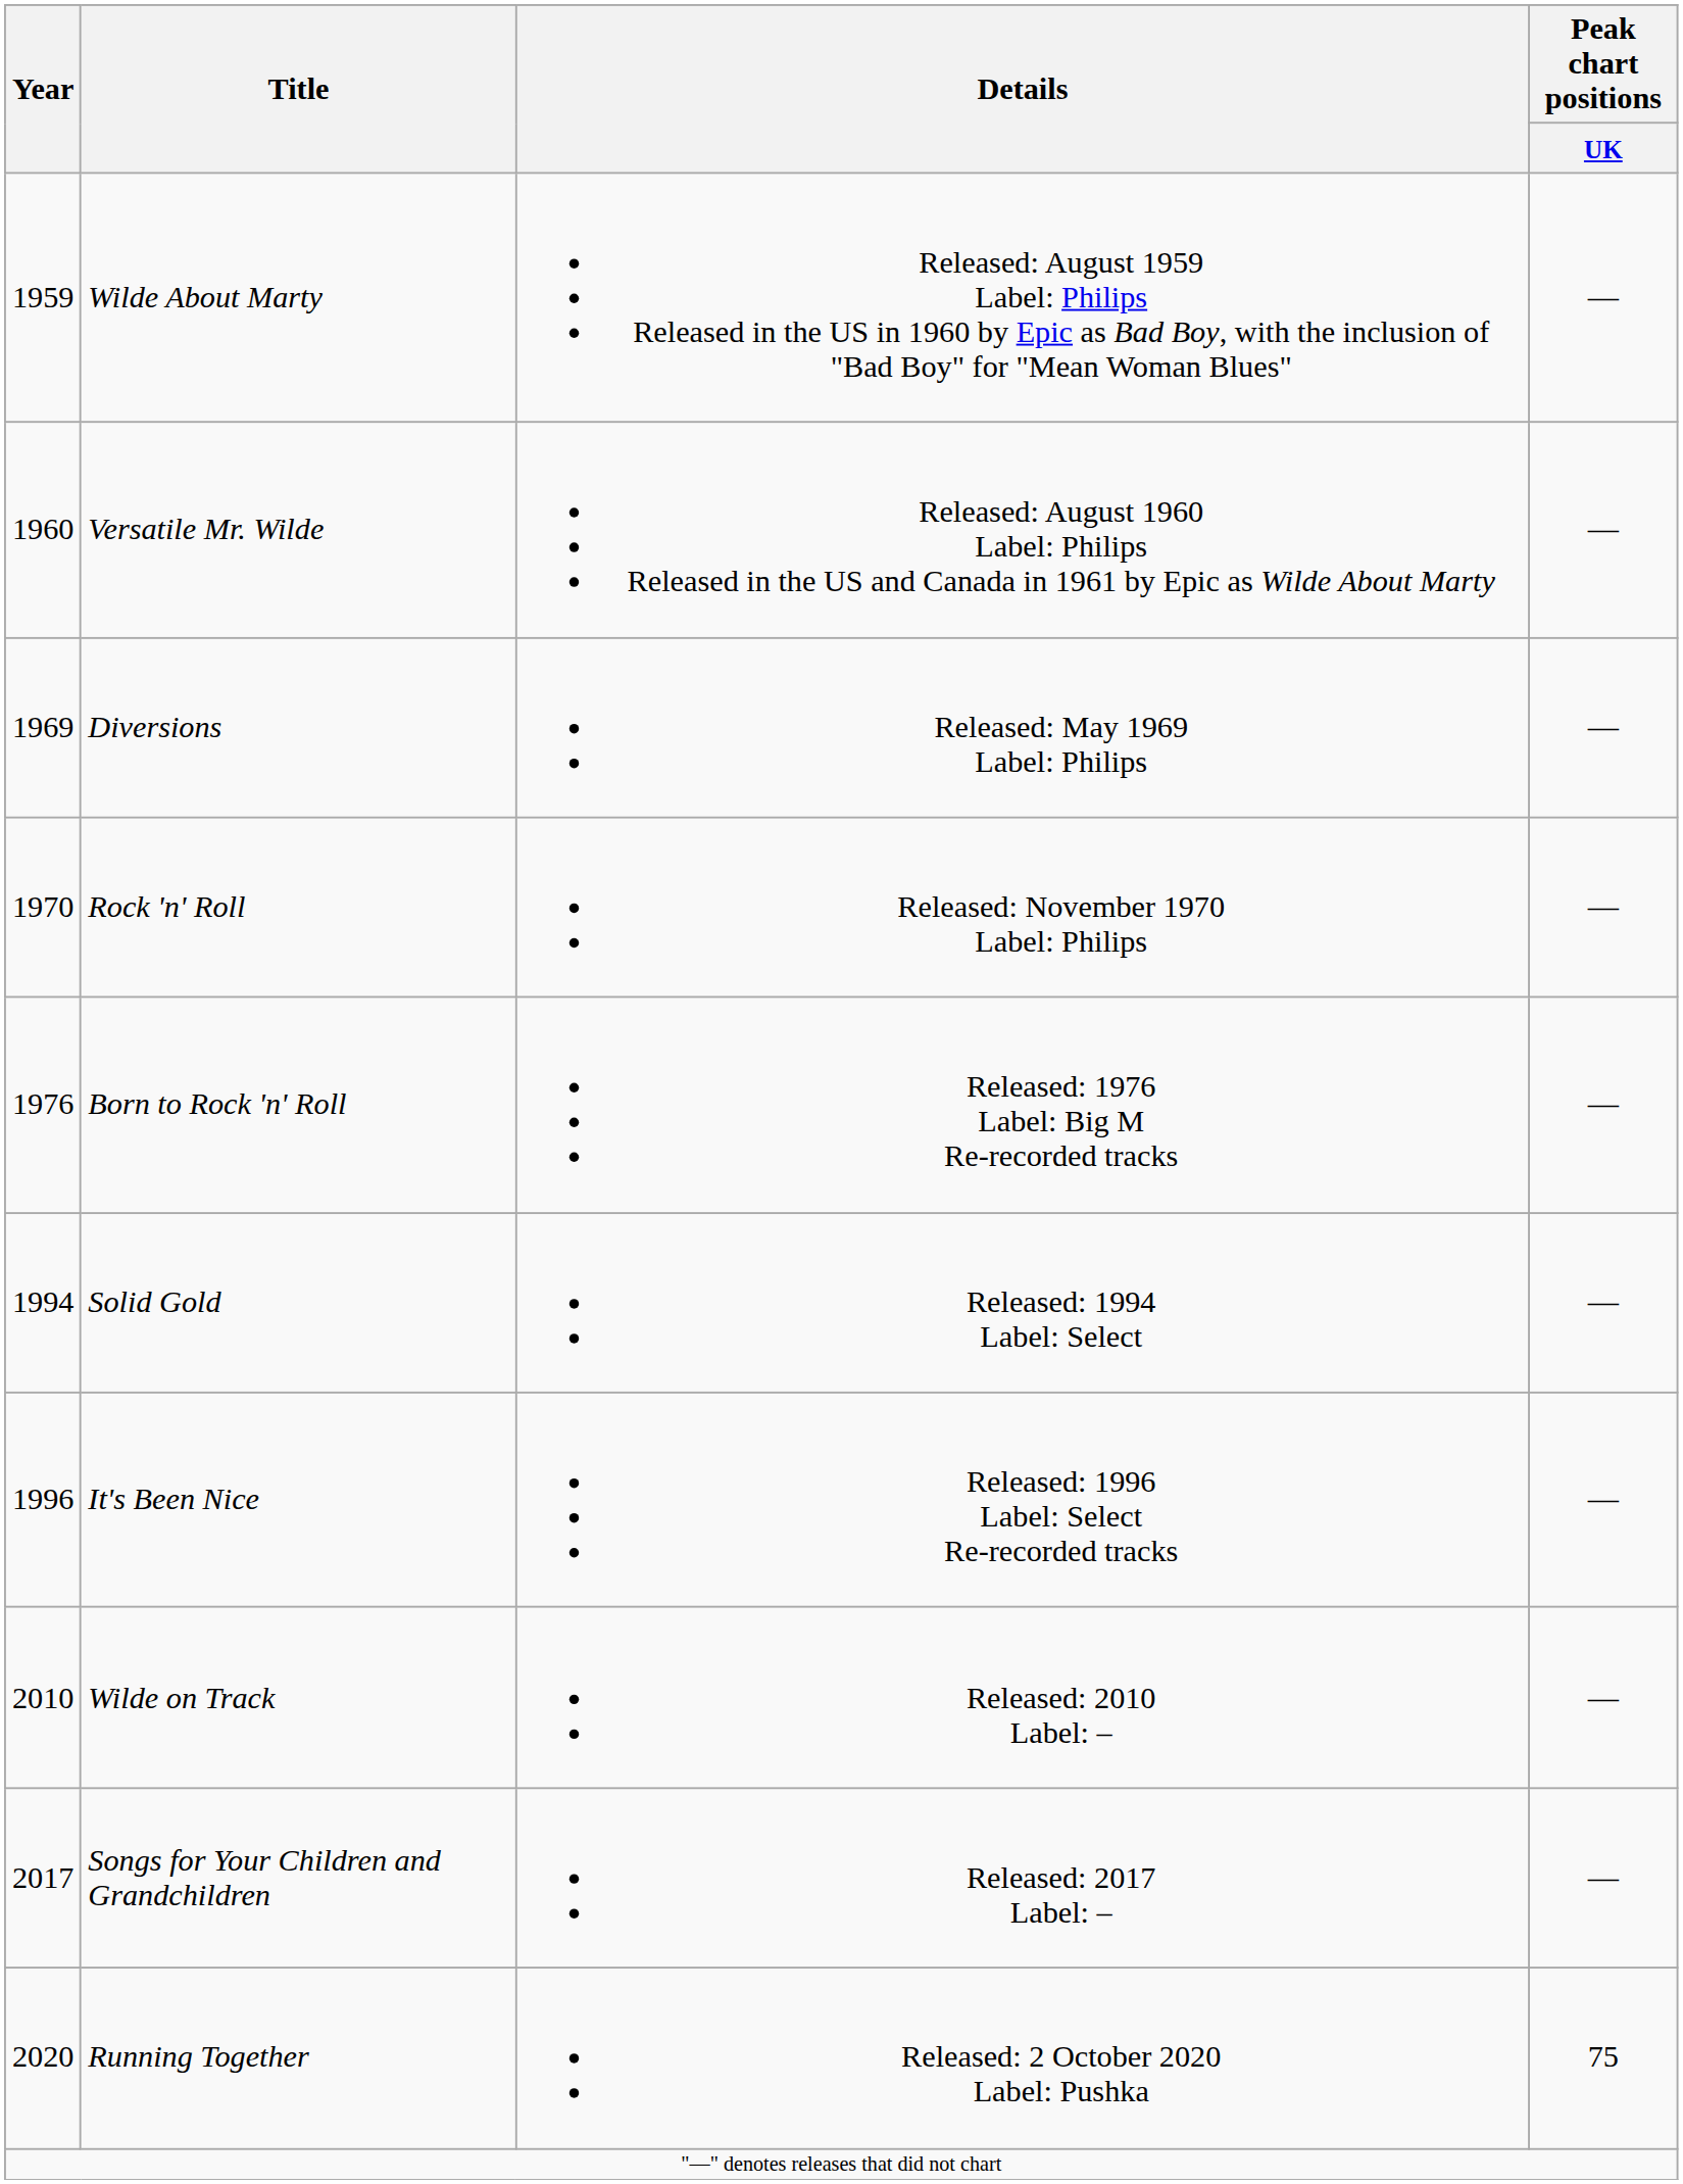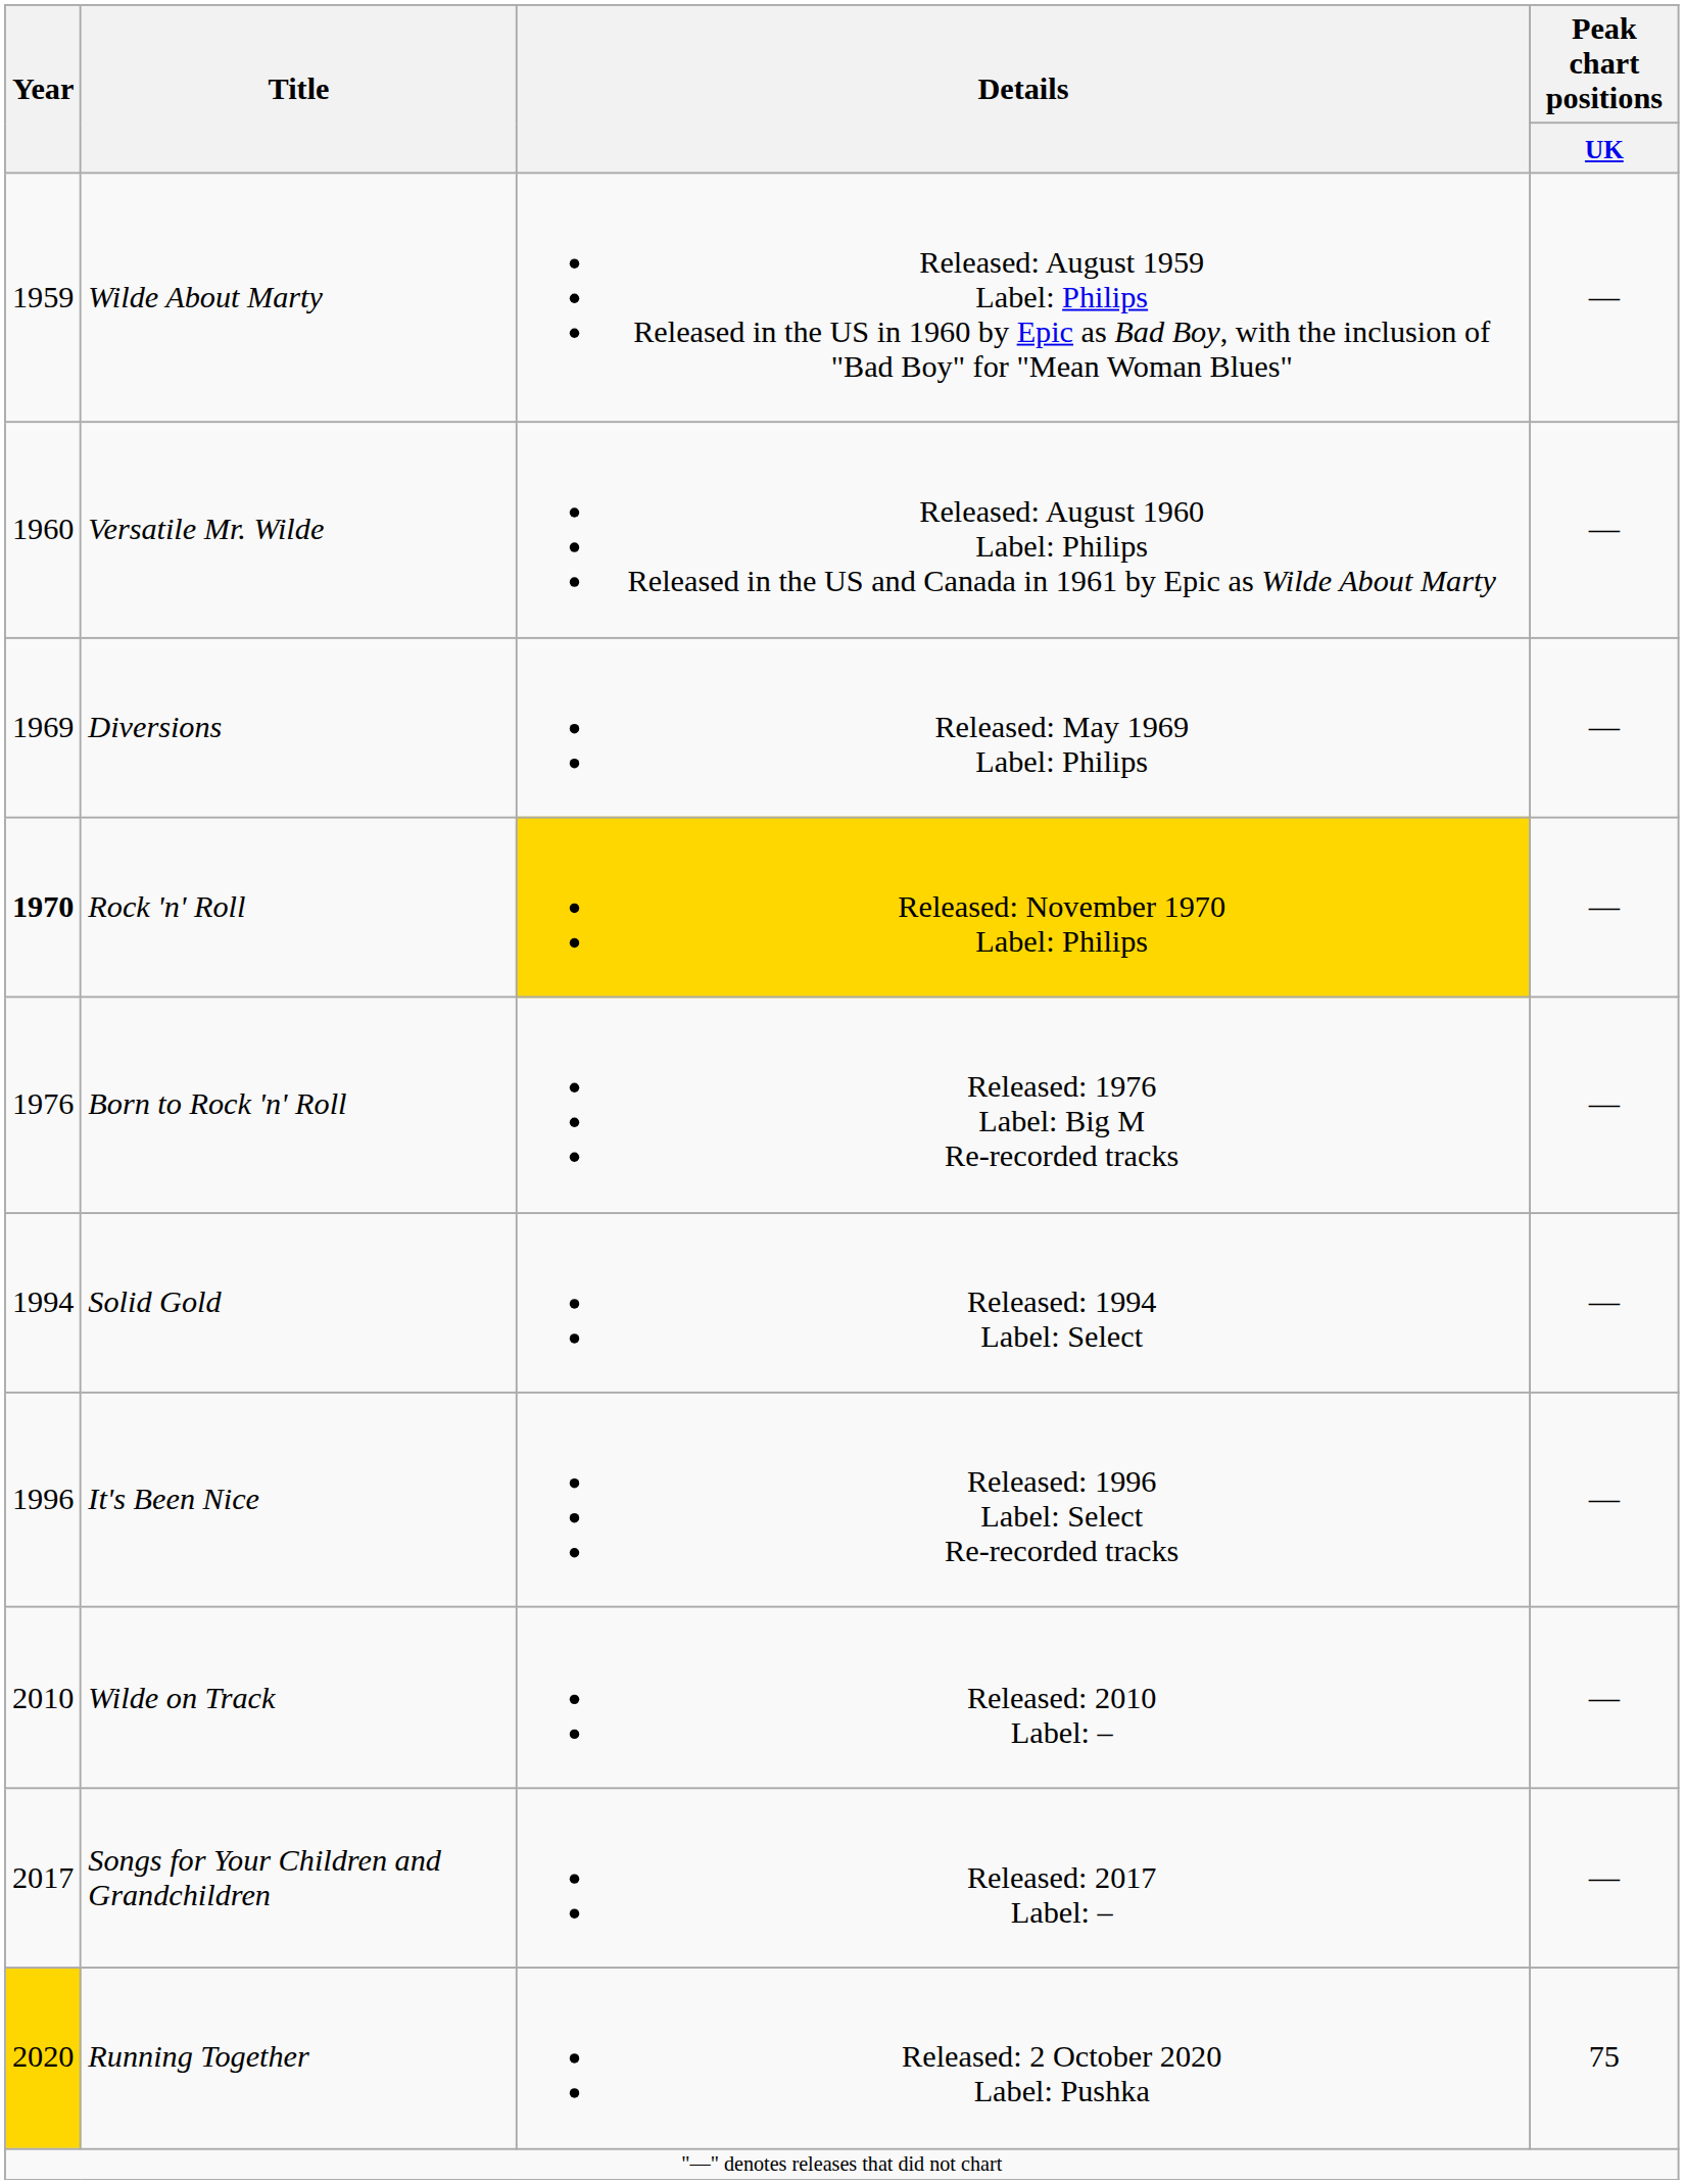 <table class="wikitable" style="text-align:center">
 <tr>
 <th rowspan="2">Year</th>
 <th rowspan="2">Title</th>
 <th rowspan="2">Details</th>
 <th>Peak chart<br>positions</th>
 </tr>
 <tr>
 <th><small><a href='#'>UK</a></small><br></th>
 </tr>
 <tr>
 <td>1959</td>
 <td align="left"><em>Wilde About Marty</em></td>
 <td><br><ul><li>Released: August 1959</li><li>Label: <a href='#'>Philips</a></li><li>Released in the US in 1960 by <a href='#'>Epic</a> as <em>Bad Boy</em>, with the inclusion of "Bad Boy" for "Mean Woman Blues"</li></ul></td>
 <td>—</td>
 </tr>
 <tr>
 <td>1960</td>
 <td align="left"><em>Versatile Mr. Wilde</em></td>
 <td><br><ul><li>Released: August 1960</li><li>Label: Philips</li><li>Released in the US and Canada in 1961 by Epic as <em>Wilde About Marty</em></li></ul></td>
 <td>—</td>
 </tr>
 <tr>
 <td>1969</td>
 <td align="left"><em>Diversions</em></td>
 <td><br><ul><li>Released: May 1969</li><li>Label: Philips</li></ul></td>
 <td>—</td>
 </tr>
 <tr>
-<td>1970</td>
+<td><strong>1970</strong></td>
 <td align="left"><em>Rock 'n' Roll</em></td>
-<td><br><ul><li>Released: November 1970</li><li>Label: Philips</li></ul></td>
+<td style="background: gold;"><br><ul><li>Released: November 1970</li><li>Label: Philips</li></ul></td>
 <td>—</td>
 </tr>
 <tr>
 <td>1976</td>
 <td align="left"><em>Born to Rock 'n' Roll</em></td>
 <td><br><ul><li>Released: 1976</li><li>Label: Big M</li><li>Re-recorded tracks</li></ul></td>
 <td>—</td>
 </tr>
 <tr>
 <td>1994</td>
 <td align="left"><em>Solid Gold</em></td>
 <td><br><ul><li>Released: 1994</li><li>Label: Select</li></ul></td>
 <td>—</td>
 </tr>
 <tr>
 <td>1996</td>
 <td align="left"><em>It's Been Nice</em></td>
 <td><br><ul><li>Released: 1996</li><li>Label: Select</li><li>Re-recorded tracks</li></ul></td>
 <td>—</td>
 </tr>
 <tr>
 <td>2010</td>
 <td align="left"><em>Wilde on Track</em></td>
 <td><br><ul><li>Released: 2010</li><li>Label: –</li></ul></td>
 <td>—</td>
 </tr>
 <tr>
 <td>2017</td>
 <td align="left"><em>Songs for Your Children and Grandchildren</em></td>
 <td><br><ul><li>Released: 2017</li><li>Label: –</li></ul></td>
 <td>—</td>
 </tr>
 <tr>
-<td>2020</td>
+<td style="background: gold;">2020</td>
 <td align="left"><em>Running Together</em></td>
 <td><br><ul><li>Released: 2 October 2020</li><li>Label: Pushka</li></ul></td>
 <td>75</td>
 </tr>
 <tr>
 <td colspan="4" style="font-size:8pt">"—" denotes releases that did not chart</td>
 </tr>
 </table>
